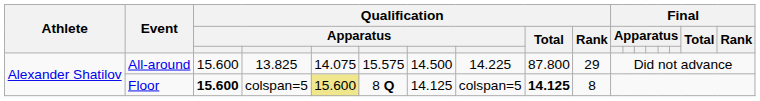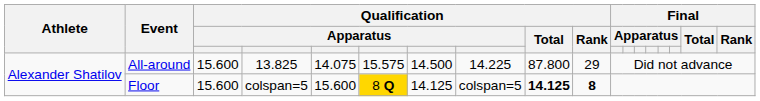 <table class="wikitable" style="font-size:90%">
 <tr>
 <th rowspan=3>Athlete</th>
 <th rowspan=3>Event</th>
 <th colspan =8>Qualification</th>
 <th colspan =8>Final</th>
 </tr>
 <tr style="font-size:95%">
 <th colspan=6>Apparatus</th>
 <th rowspan=2>Total</th>
 <th rowspan=2>Rank</th>
 <th colspan=6>Apparatus</th>
 <th rowspan=2>Total</th>
 <th rowspan=2>Rank</th>
 </tr>
 <tr style="font-size:95%">
 <th></th>
 <th></th>
 <th></th>
 <th></th>
 <th></th>
 <th></th>
 <th></th>
 <th></th>
 <th></th>
 <th></th>
 <th></th>
 <th></th>
 </tr>
 <tr align=center>
 <td align=left rowspan=2><a href='#'>Alexander Shatilov</a></td>
 <td align=left><a href='#'>All-around</a></td>
 <td>15.600</td>
 <td>13.825</td>
 <td>14.075</td>
 <td>15.575</td>
 <td>14.500</td>
 <td>14.225</td>
 <td>87.800</td>
 <td>29</td>
 <td colspan=8>Did not advance</td>
 </tr>
 <tr align=center>
 <td align=left><a href='#'>Floor</a></td>
-<td><strong>15.600</strong></td>
+<td>15.600</td>
 <td>colspan=5 </td>
-<td style="background: khaki;">15.600</td>
-<td>8 <strong>Q</strong></td>
+<td>15.600</td>
+<td style="background: gold;">8 <strong>Q</strong></td>
 <td>14.125</td>
 <td>colspan=5 </td>
 <td><strong>14.125</strong></td>
-<td>8</td>
+<td><strong>8</strong></td>
 </tr>
 </table>
